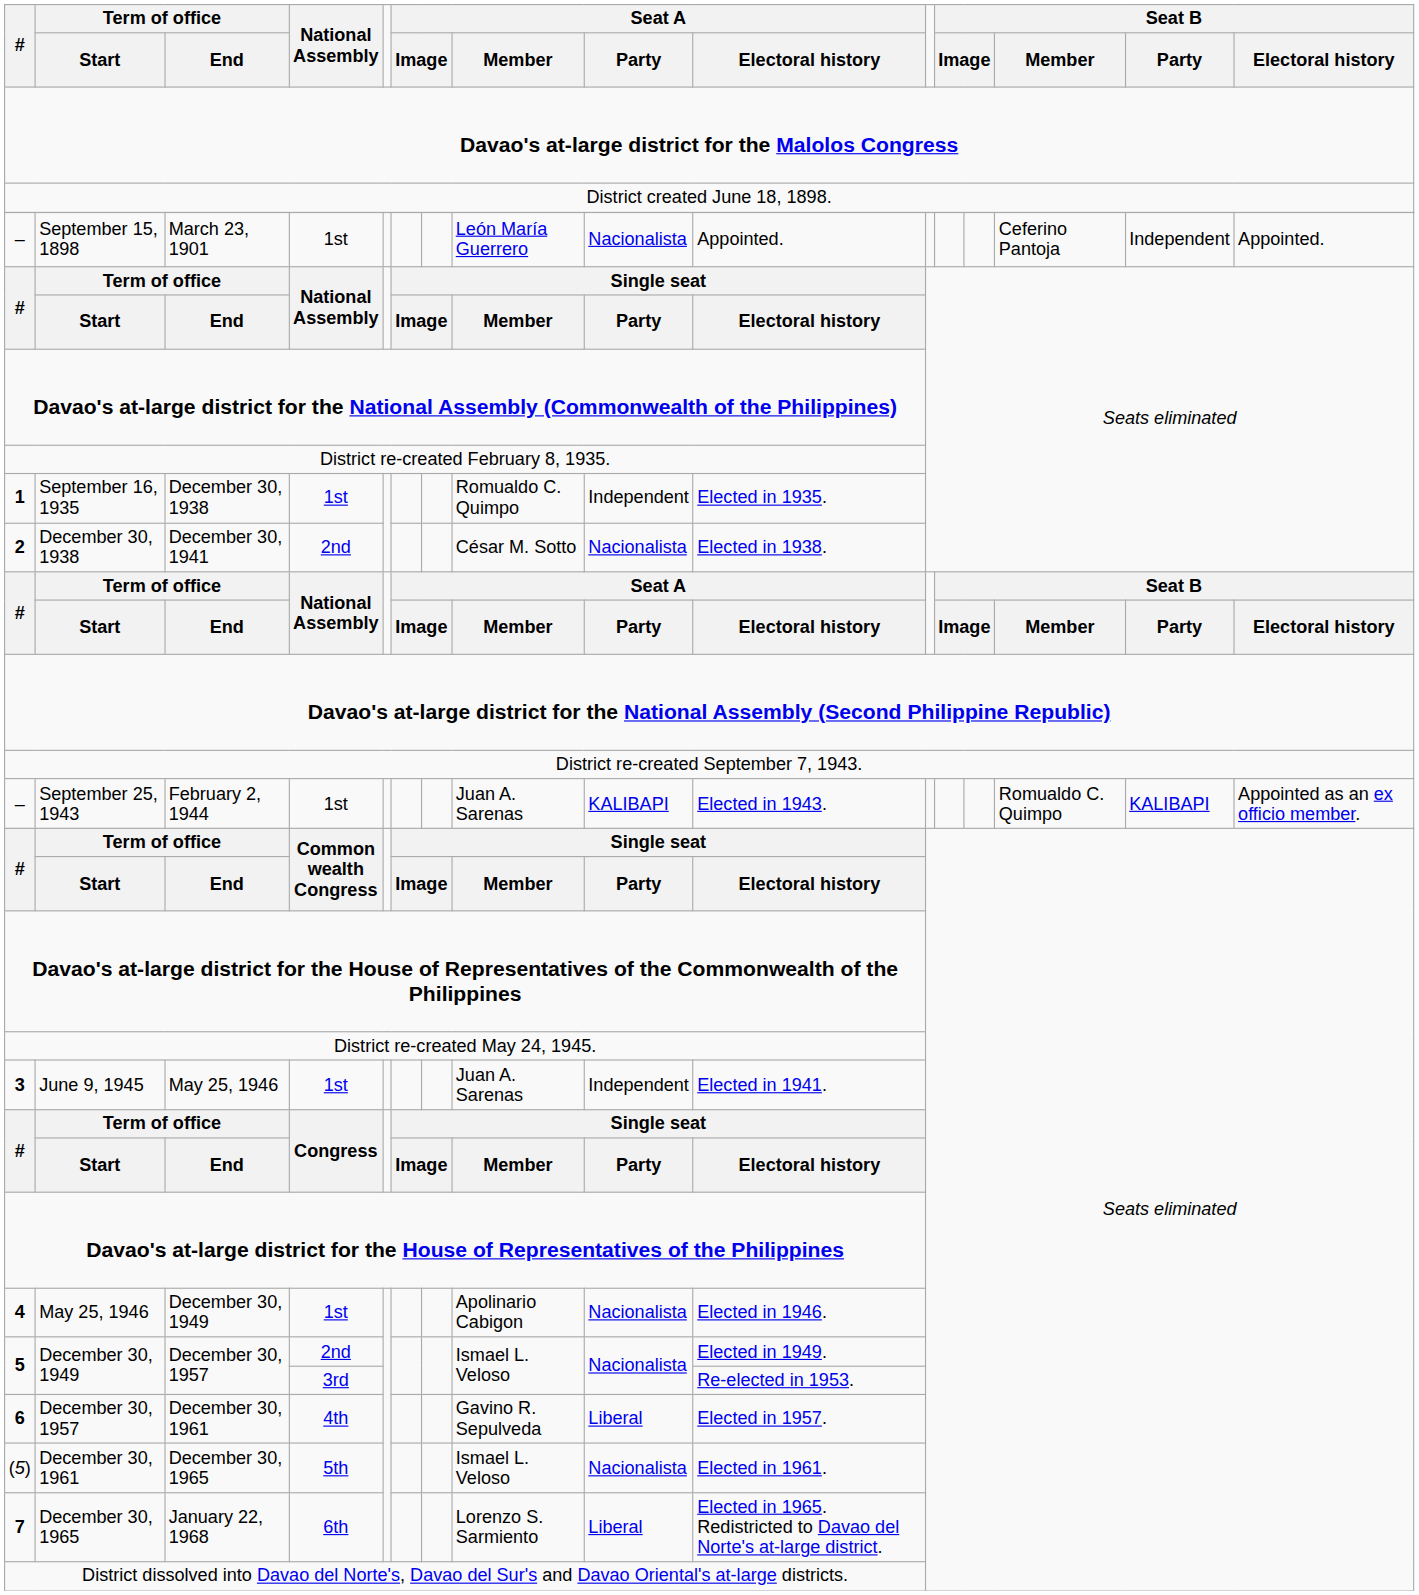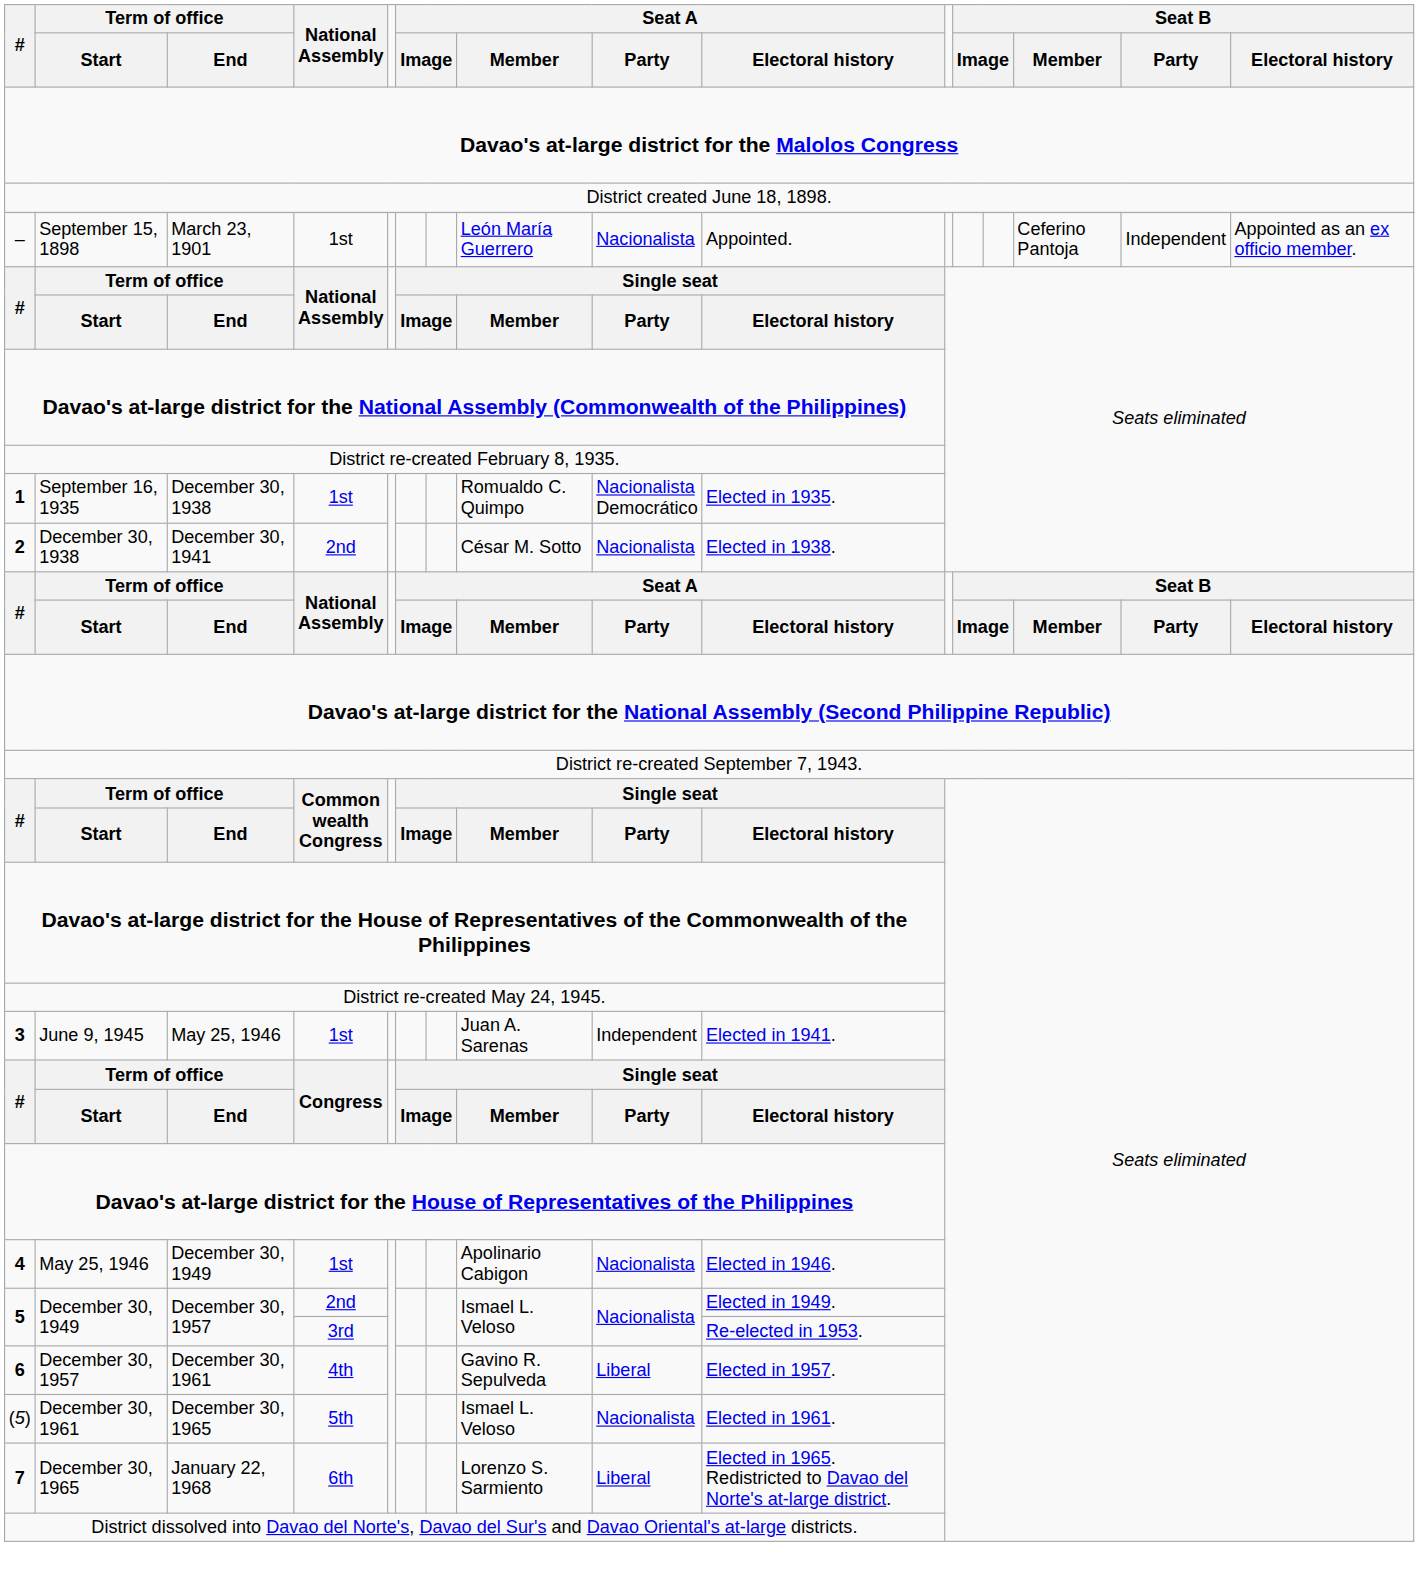 <table class=wikitable>
 <tr>
 <th rowspan=2>#</th>
 <th colspan=2>Term of office</th>
 <th rowspan=2>National<br>Assembly</th>
 <td rowspan=2></td>
 <th colspan=5>Seat A</th>
 <td rowspan=2></td>
 <th colspan=5>Seat B</th>
 </tr>
 <tr style="height:3em">
 <th>Start</th>
 <th>End</th>
 <th colspan="2" style="text-align:center;">Image</th>
 <th>Member</th>
 <th>Party</th>
 <th>Electoral history</th>
 <th colspan="2" style="text-align:center;">Image</th>
 <th>Member</th>
 <th>Party</th>
 <th>Electoral history</th>
 </tr>
 <tr>
 <td colspan="16" style="text-align:center;"><br><h3>Davao's at-large district for the <a href='#'>Malolos Congress</a></h3></td>
 </tr>
 <tr>
 <td colspan="16" style="text-align:center;">District created June 18, 1898.</td>
 </tr>
 <tr>
 </tr>
 <tr style="height:3em">
 <td style="text-align:center;">–</td>
 <td>September 15, 1898</td>
 <td>March 23, 1901</td>
 <td style="text-align:center;">1st</td>
 <td></td>
 <td style="color:inherit;background:"></td>
 <td></td>
 <td><a href='#'>León María Guerrero</a></td>
 <td><a href='#'>Nacionalista</a></td>
 <td>Appointed.</td>
 <td></td>
 <td style="color:inherit;background:"></td>
 <td></td>
 <td>Ceferino Pantoja</td>
 <td>Independent</td>
-<td>Appointed.</td>
+<td>Appointed as an <a href='#'>ex officio member</a>.</td>
 </tr>
 <tr>
 <th rowspan=2>#</th>
 <th colspan=2>Term of office</th>
 <th rowspan=2>National<br>Assembly</th>
 <td rowspan=2></td>
 <th colspan=5>Single seat</th>
 <td rowspan=6 colspan=6 style="text-align:center;"><em>Seats eliminated</em></td>
 </tr>
 <tr style="height:3em">
 <th>Start</th>
 <th>End</th>
 <th colspan="2" style="text-align:center;">Image</th>
 <th>Member</th>
 <th>Party</th>
 <th>Electoral history</th>
 </tr>
 <tr>
 <td colspan="10" style="text-align:center;"><br><h3>Davao's at-large district for the <a href='#'>National Assembly (Commonwealth of the Philippines)</a></h3></td>
 </tr>
 <tr>
 <td colspan="10" style="text-align:center;">District re-created February 8, 1935.</td>
 </tr>
 <tr>
 <td style="text-align:center;"><strong>1</strong></td>
 <td>September 16, 1935</td>
 <td>December 30, 1938</td>
 <td style="text-align:center;"><a href='#'>1st</a></td>
 <td rowspan=2></td>
 <td style="color:inherit;background:"></td>
 <td></td>
 <td>Romualdo C. Quimpo</td>
-<td>Independent</td>
+<td><a href='#'>Nacionalista</a><br>Democrático</td>
 <td><a href='#'>Elected in 1935</a>.</td>
 </tr>
 <tr>
 <td style="text-align:center;"><strong>2</strong></td>
 <td>December 30, 1938</td>
 <td>December 30, 1941</td>
 <td style="text-align:center;"><a href='#'>2nd</a></td>
 <td style="color:inherit;background:"></td>
 <td></td>
 <td>César M. Sotto</td>
 <td><a href='#'>Nacionalista</a></td>
 <td><a href='#'>Elected in 1938</a>.</td>
 </tr>
 <tr>
 <th rowspan=2>#</th>
 <th colspan=2>Term of office</th>
 <th rowspan=2>National<br>Assembly</th>
 <td rowspan=2></td>
 <th colspan=5>Seat A</th>
 <td rowspan=2></td>
 <th colspan=5>Seat B</th>
 </tr>
 <tr style="height:3em">
 <th>Start</th>
 <th>End</th>
 <th colspan="2" style="text-align:center;">Image</th>
 <th>Member</th>
 <th>Party</th>
 <th>Electoral history</th>
 <th colspan="2" style="text-align:center;">Image</th>
 <th>Member</th>
 <th>Party</th>
 <th>Electoral history</th>
 </tr>
 <tr>
 <td colspan="16" style="text-align:center;"><br><h3>Davao's at-large district for the <a href='#'>National Assembly (Second Philippine Republic)</a></h3></td>
 </tr>
 <tr>
 <td colspan="16" style="text-align:center;">District re-created September 7, 1943.</td>
-</tr>
-<tr>
-<td style="text-align:center;">–</td>
-<td>September 25, 1943</td>
-<td>February 2, 1944</td>
-<td style="text-align:center;">1st</td>
-<td></td>
-<td style="color:inherit;background:"></td>
-<td></td>
-<td>Juan A. Sarenas</td>
-<td><a href='#'>KALIBAPI</a></td>
-<td><a href='#'>Elected in 1943</a>.</td>
-<td></td>
-<td style="color:inherit;background:"></td>
-<td></td>
-<td>Romualdo C. Quimpo</td>
-<td><a href='#'>KALIBAPI</a></td>
-<td>Appointed as an <a href='#'>ex officio member</a>.</td>
 </tr>
 <tr>
 <th rowspan=2>#</th>
 <th colspan=2>Term of office</th>
 <th rowspan=2>Common<br>wealth<br>Congress</th>
 <td rowspan=2></td>
 <th colspan=5>Single seat</th>
 <td rowspan=15 colspan=6 style="text-align:center;"><em>Seats eliminated</em></td>
 </tr>
 <tr style="height:3em">
 <th>Start</th>
 <th>End</th>
 <th colspan="2" style="text-align:center;">Image</th>
 <th>Member</th>
 <th>Party</th>
 <th>Electoral history</th>
 </tr>
 <tr>
 <td colspan="10" style="text-align:center;"><br><h3>Davao's at-large district for the House of Representatives of the Commonwealth of the Philippines</h3></td>
 </tr>
 <tr>
 <td colspan="10" style="text-align:center;">District re-created May 24, 1945.</td>
 </tr>
 <tr>
 <td style="text-align:center;"><strong>3</strong></td>
 <td>June 9, 1945</td>
 <td>May 25, 1946</td>
 <td style="text-align:center;"><a href='#'>1st</a></td>
 <td></td>
 <td style="color:inherit;background:"></td>
 <td></td>
 <td>Juan A. Sarenas</td>
 <td>Independent</td>
 <td><a href='#'>Elected in 1941</a>.</td>
 </tr>
 <tr>
 <th rowspan=2>#</th>
 <th colspan=2>Term of office</th>
 <th rowspan=2>Congress</th>
 <td rowspan=2></td>
 <th colspan=5>Single seat</th>
 </tr>
 <tr style="height:3em">
 <th>Start</th>
 <th>End</th>
 <th colspan="2" style="text-align:center;">Image</th>
 <th>Member</th>
 <th>Party</th>
 <th>Electoral history</th>
 </tr>
 <tr>
 <td colspan="10" style="text-align:center;"><br><h3>Davao's at-large district for the <a href='#'>House of Representatives of the Philippines</a></h3></td>
 </tr>
 <tr>
 <td style="text-align:center;"><strong>4</strong></td>
 <td>May 25, 1946</td>
 <td>December 30, 1949</td>
 <td style="text-align:center;"><a href='#'>1st</a></td>
 <td rowspan=6></td>
 <td style="color:inherit;background:"></td>
 <td></td>
 <td>Apolinario Cabigon</td>
 <td><a href='#'>Nacionalista</a></td>
 <td><a href='#'>Elected in 1946</a>.</td>
 </tr>
 <tr>
 <td rowspan="2" style="text-align:center;"><strong>5</strong></td>
 <td rowspan="2">December 30, 1949</td>
 <td rowspan="2">December 30, 1957</td>
 <td style="text-align:center;"><a href='#'>2nd</a></td>
 <td rowspan="2" style="color:inherit;background:"></td>
 <td rowspan="2"></td>
 <td rowspan="2">Ismael L. Veloso</td>
 <td rowspan="2"><a href='#'>Nacionalista</a></td>
 <td><a href='#'>Elected in 1949</a>.</td>
 </tr>
 <tr>
 <td style="text-align:center;"><a href='#'>3rd</a></td>
 <td><a href='#'>Re-elected in 1953</a>.</td>
 </tr>
 <tr>
 <td style="text-align:center;"><strong>6</strong></td>
 <td>December 30, 1957</td>
 <td>December 30, 1961</td>
 <td style="text-align:center;"><a href='#'>4th</a></td>
 <td style="color:inherit;background:"></td>
 <td></td>
 <td>Gavino R. Sepulveda</td>
 <td><a href='#'>Liberal</a></td>
 <td><a href='#'>Elected in 1957</a>.</td>
 </tr>
 <tr>
 <td style="text-align:center;">(<em>5</em>)</td>
 <td>December 30, 1961</td>
 <td>December 30, 1965</td>
 <td style="text-align:center;"><a href='#'>5th</a></td>
 <td style="color:inherit;background:"></td>
 <td></td>
 <td>Ismael L. Veloso</td>
 <td><a href='#'>Nacionalista</a></td>
 <td><a href='#'>Elected in 1961</a>.</td>
 </tr>
 <tr>
 <td style="text-align:center;"><strong>7</strong></td>
 <td>December 30, 1965</td>
 <td>January 22, 1968</td>
 <td style="text-align:center;"><a href='#'>6th</a></td>
 <td style="color:inherit;background:"></td>
 <td></td>
 <td>Lorenzo S. Sarmiento</td>
 <td><a href='#'>Liberal</a></td>
 <td><a href='#'>Elected in 1965</a>.<br>Redistricted to <a href='#'>Davao del Norte's at-large district</a>.</td>
 </tr>
 <tr>
 <td colspan="10" style="text-align:center;">District dissolved into <a href='#'>Davao del Norte's</a>, <a href='#'>Davao del Sur's</a> and <a href='#'>Davao Oriental's at-large</a> districts.</td>
 </tr>
 </table>
